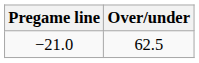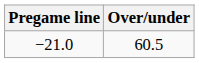 <table class="wikitable" style="margin-left: auto; margin-right: auto; border: none; display: inline-table;">
 <tr style="text-align:center">
 <th style=>Pregame line</th>
 <th style=>Over/under</th>
 </tr>
 <tr style="text-align:center">
 <td>−21.0</td>
-<td>62.5</td>
+<td>60.5</td>
 </tr>
 </table>
